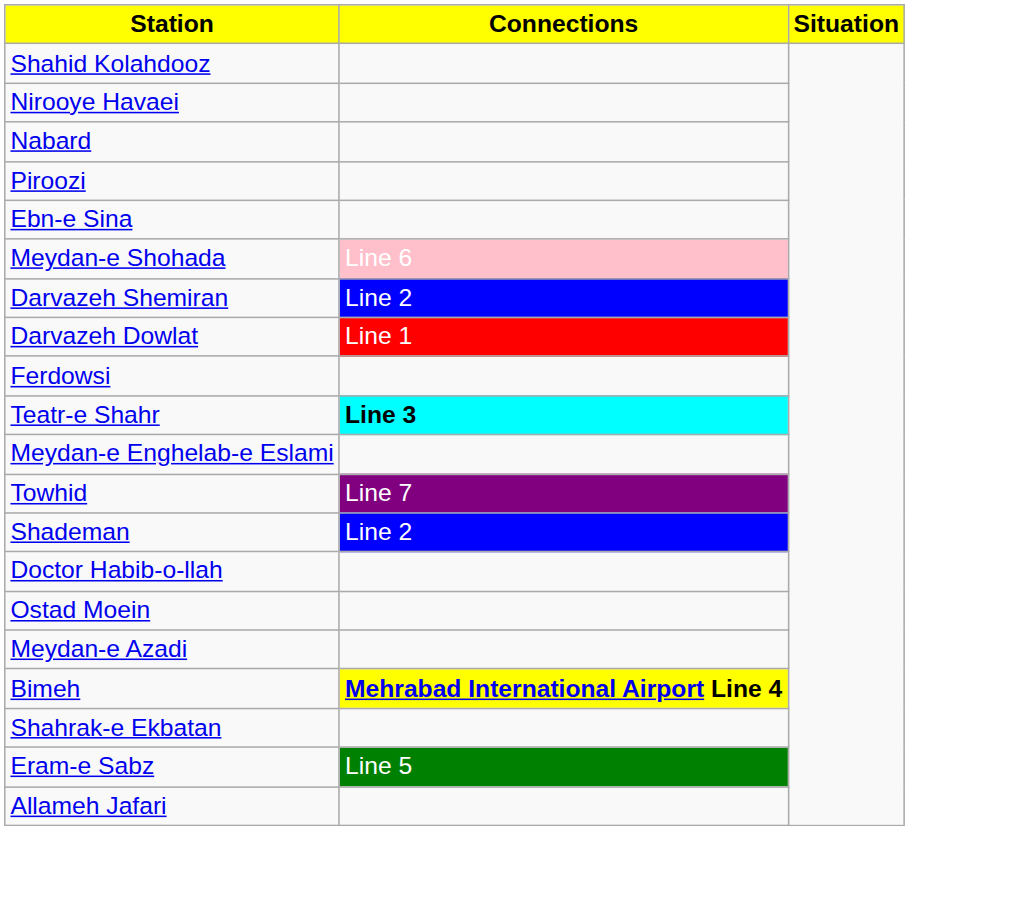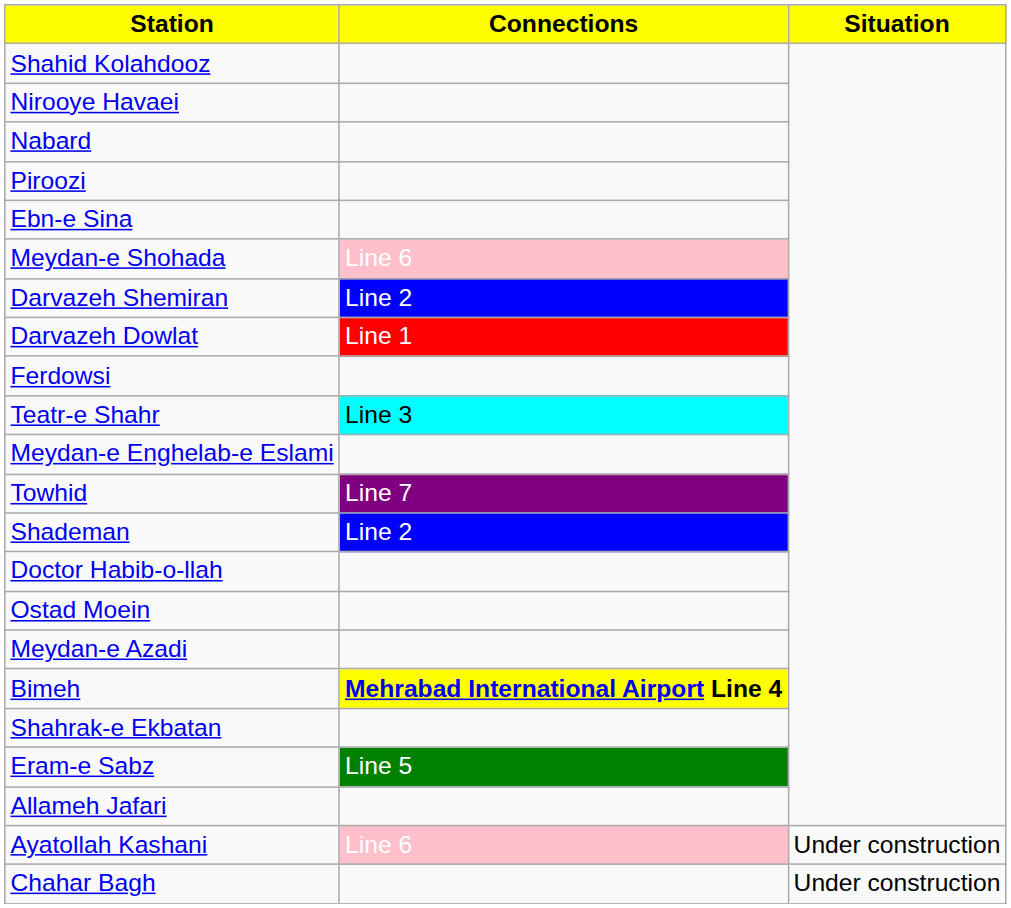 <table class="wikitable">
 <tr>
 <th style="background: yellow;">Station</th>
 <th style="background: yellow;">Connections</th>
 <th style="background: yellow;">Situation</th>
 </tr>
 <tr !>
 <td><a href='#'>Shahid Kolahdooz</a></td>
 <td></td>
 </tr>
 <tr>
 <td><a href='#'>Nirooye Havaei</a></td>
 <td></td>
 </tr>
 <tr>
 <td><a href='#'>Nabard</a></td>
 <td></td>
 </tr>
 <tr>
 <td><a href='#'>Piroozi</a></td>
 <td></td>
 </tr>
 <tr>
 <td><a href='#'>Ebn-e Sina</a></td>
 <td></td>
 </tr>
 <tr>
 <td><a href='#'>Meydan-e Shohada</a></td>
 <td style="background: pink; color: white;">Line 6</td>
 </tr>
 <tr>
 <td><a href='#'>Darvazeh Shemiran</a></td>
 <td style="background: blue; color: white;">Line 2</td>
 </tr>
 <tr>
 <td><a href='#'>Darvazeh Dowlat</a></td>
 <td style="background: red; color: white;">Line 1</td>
 </tr>
 <tr>
 <td><a href='#'>Ferdowsi</a></td>
 <td></td>
 </tr>
 <tr>
 <td><a href='#'>Teatr-e Shahr</a></td>
-<td style="background: aqua;"><strong>Line 3</strong></td>
+<td style="background: aqua;">Line 3</td>
 </tr>
 <tr>
 <td><a href='#'>Meydan-e Enghelab-e Eslami</a></td>
 <td></td>
 </tr>
 <tr>
 <td><a href='#'>Towhid</a></td>
 <td style="background: purple; color: white;">Line 7</td>
 </tr>
 <tr>
 <td><a href='#'>Shademan</a></td>
 <td style="background: blue; color: white;">Line 2</td>
 </tr>
 <tr>
 <td><a href='#'>Doctor Habib-o-llah</a></td>
 <td></td>
 </tr>
 <tr>
 <td><a href='#'>Ostad Moein</a></td>
 <td></td>
 </tr>
 <tr>
 <td><a href='#'>Meydan-e Azadi</a></td>
 <td></td>
 </tr>
 <tr>
 <td><a href='#'>Bimeh</a></td>
 <td style="background: yellow;"><strong><a href='#'>Mehrabad International Airport</a> Line 4</strong></td>
 </tr>
 <tr>
 <td><a href='#'>Shahrak-e Ekbatan</a></td>
 <td></td>
 </tr>
 <tr>
 <td><a href='#'>Eram-e Sabz</a></td>
 <td style="background: green; color: white;">Line 5</td>
 </tr>
 <tr>
 <td><a href='#'>Allameh Jafari</a></td>
 <td></td>
 </tr>
 <tr>
+<td><a href='#'>Ayatollah Kashani</a></td>
+<td style="background: pink; color: white;">Line 6</td>
+<td>Under construction</td>
+</tr>
+<tr>
+<td><a href='#'>Chahar Bagh</a></td>
+<td></td>
+<td>Under construction</td>
+</tr>
+<tr>
 </tr>
 </table>
